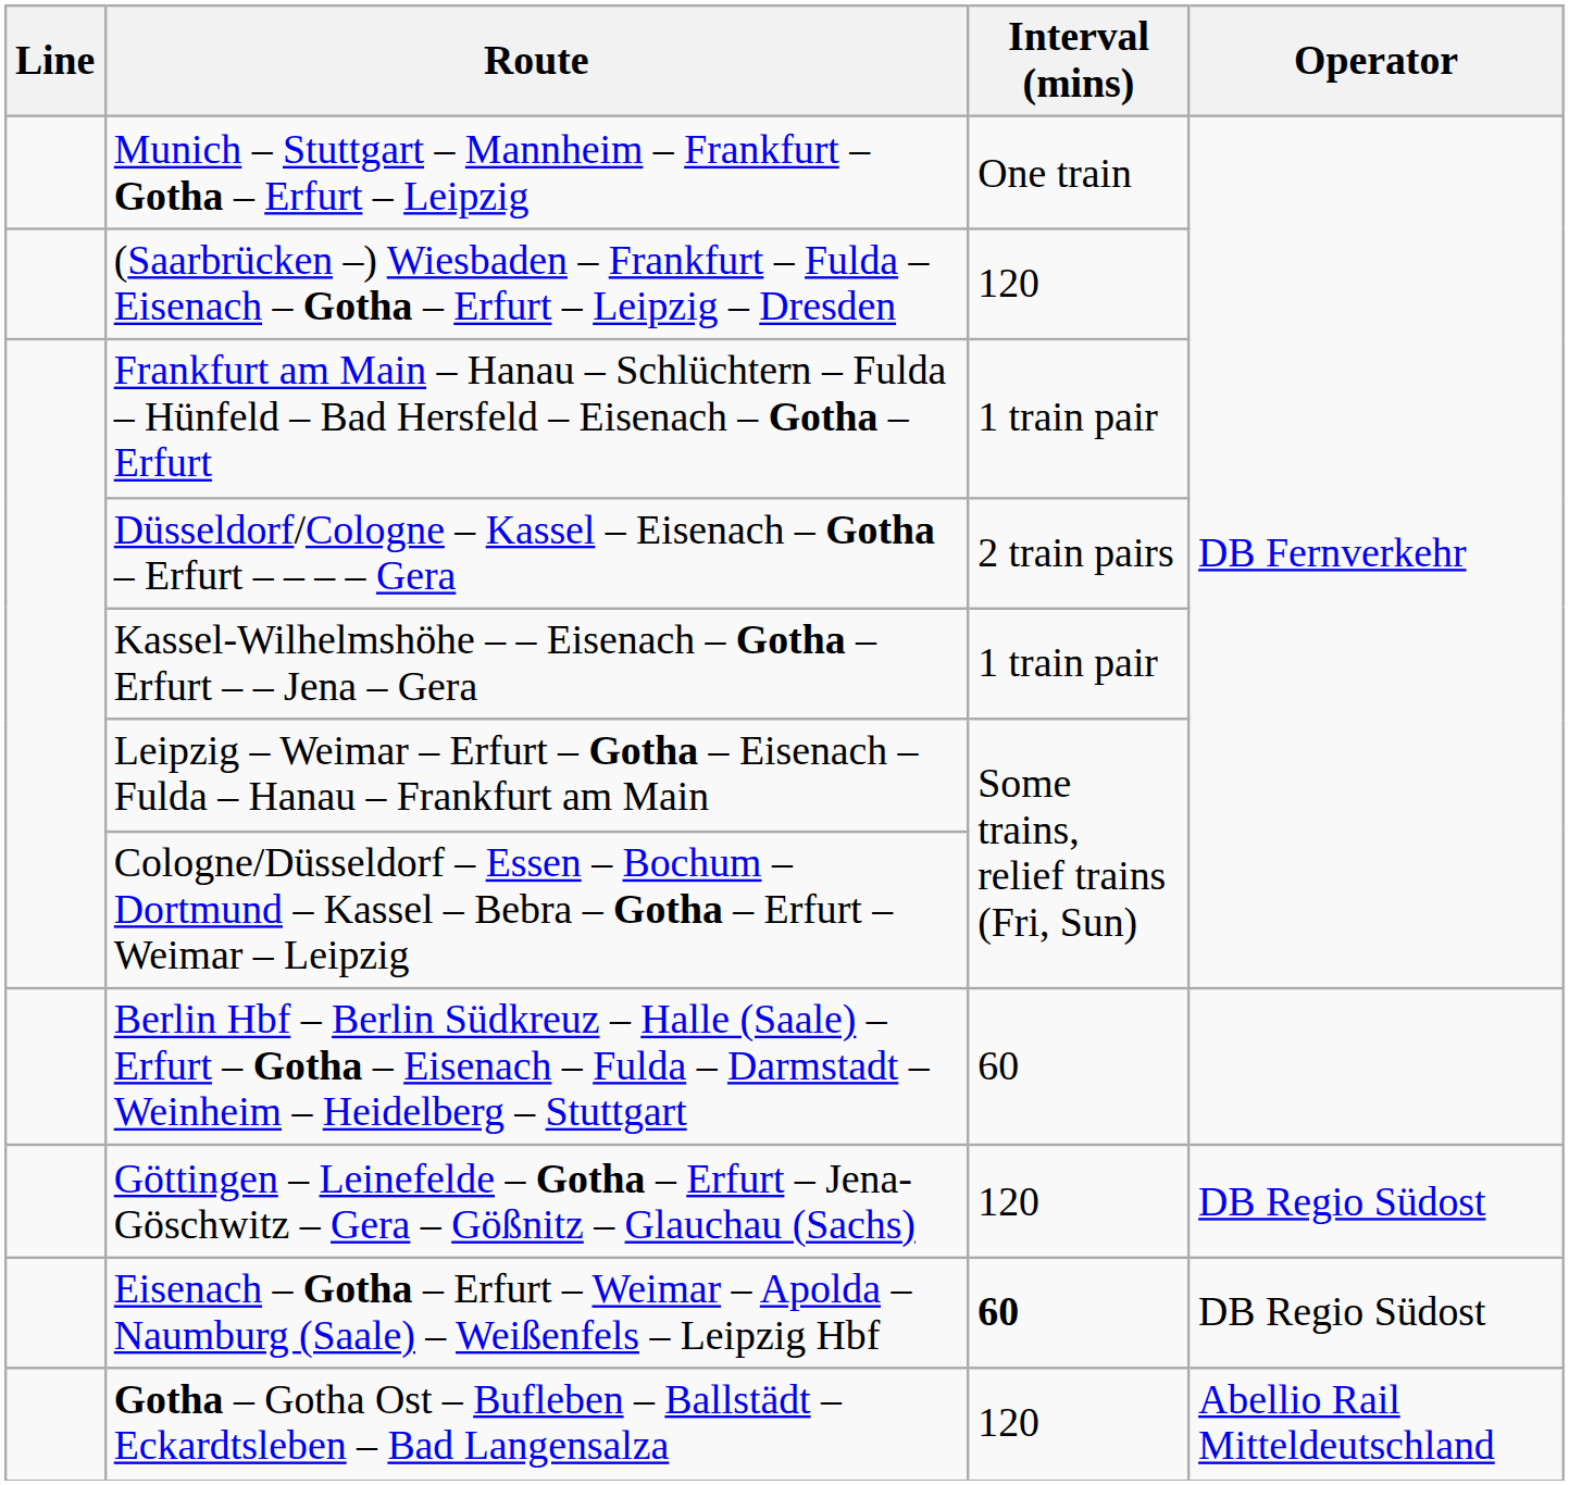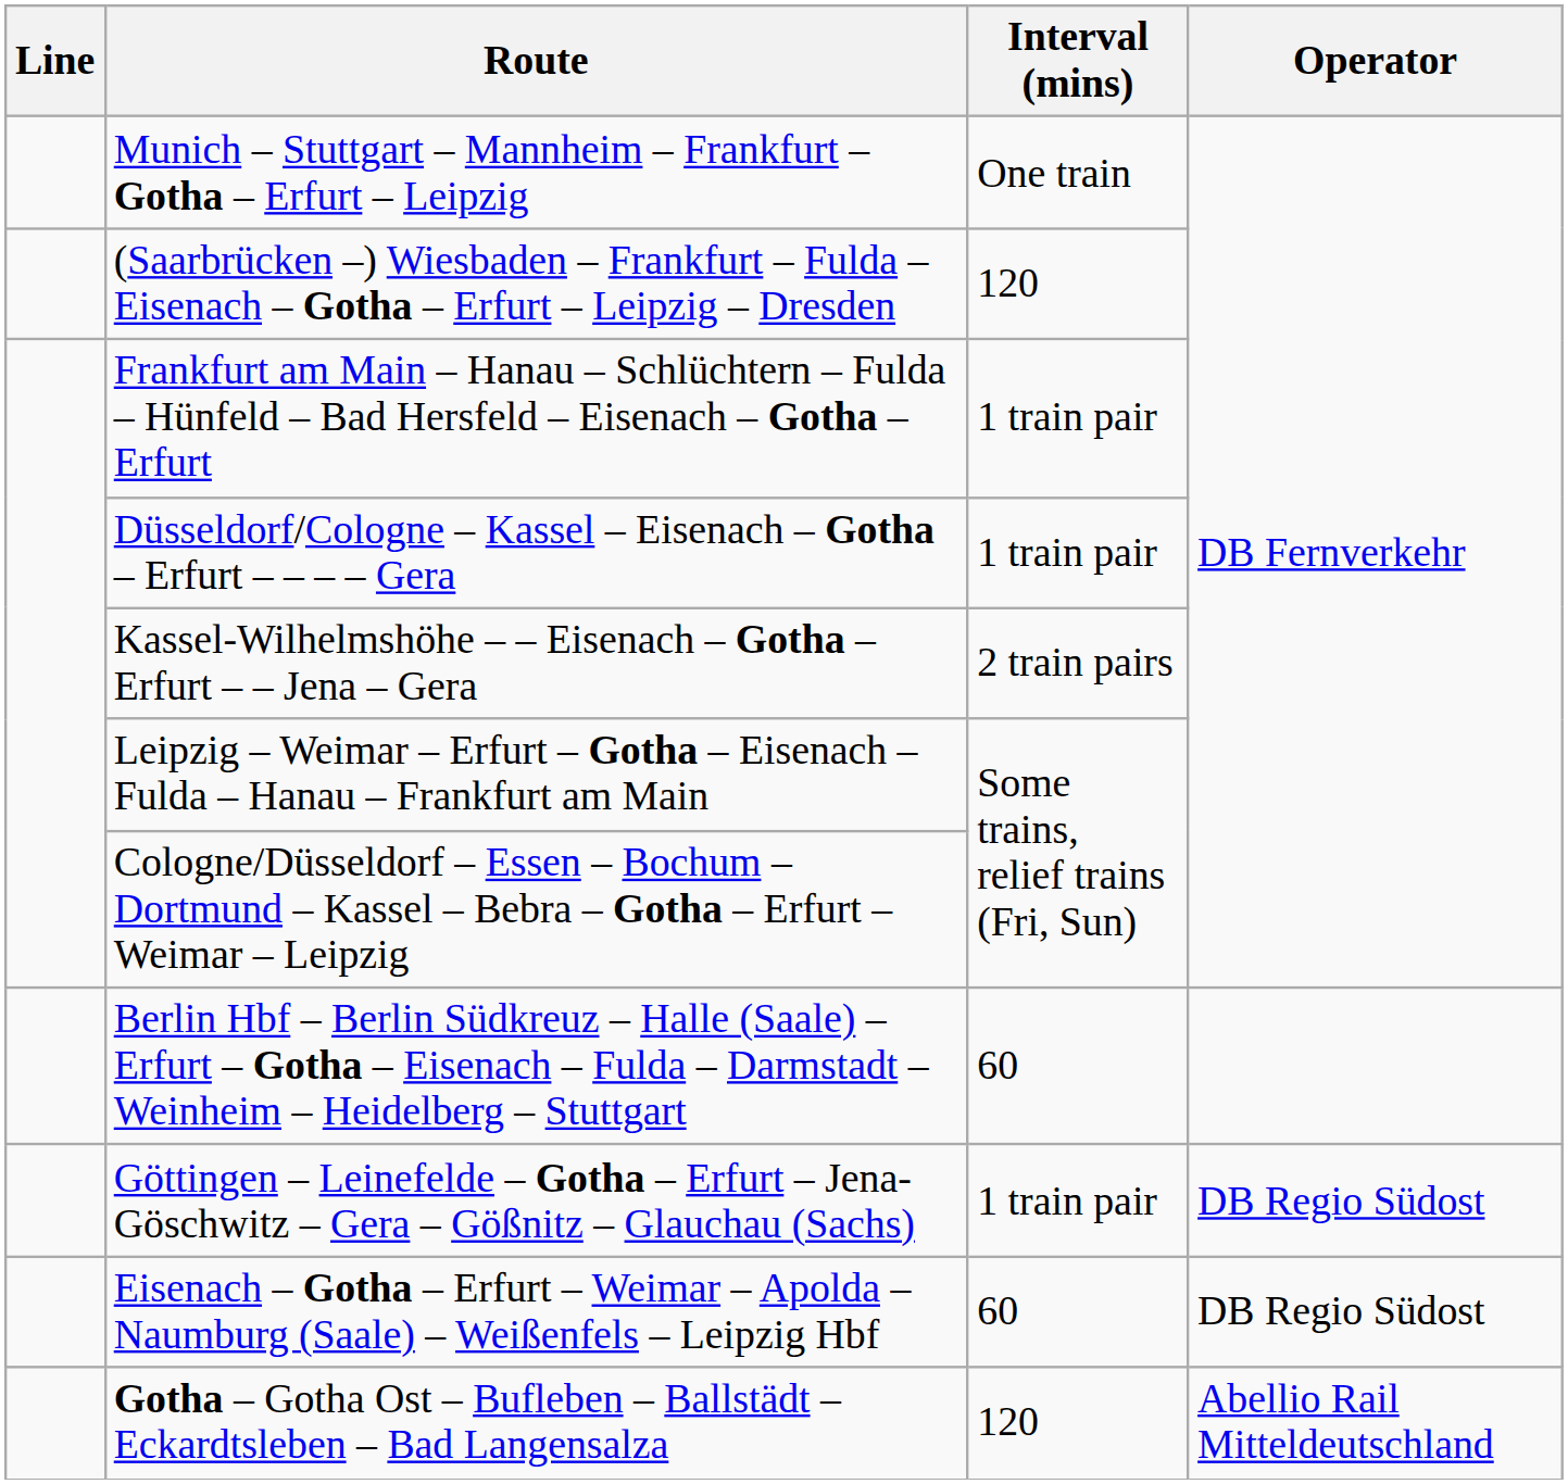 <table class="wikitable">
 <tr>
 <th>Line</th>
 <th>Route</th>
 <th>Interval (mins)</th>
 <th>Operator</th>
 </tr>
 <tr>
 <td></td>
 <td><a href='#'>Munich</a> – <a href='#'>Stuttgart</a> – <a href='#'>Mannheim</a> – <a href='#'>Frankfurt</a> – <strong>Gotha</strong> – <a href='#'>Erfurt</a> – <a href='#'>Leipzig</a></td>
 <td>One train</td>
 <td rowspan="7"><a href='#'>DB Fernverkehr</a></td>
 </tr>
 <tr>
 <td></td>
 <td>(<a href='#'>Saarbrücken</a> –) <a href='#'>Wiesbaden</a> – <a href='#'>Frankfurt</a> – <a href='#'>Fulda</a> – <a href='#'>Eisenach</a> – <strong>Gotha</strong> – <a href='#'>Erfurt</a> – <a href='#'>Leipzig</a> – <a href='#'>Dresden</a></td>
 <td>120</td>
 </tr>
 <tr>
 <td rowspan="5" align="center"></td>
 <td><a href='#'>Frankfurt am Main</a> – Hanau – Schlüchtern – Fulda – Hünfeld – Bad Hersfeld – Eisenach – <strong>Gotha</strong> – <a href='#'>Erfurt</a></td>
 <td>1 train pair</td>
 </tr>
 <tr>
 <td><a href='#'>Düsseldorf</a>/<a href='#'>Cologne</a> – <a href='#'>Kassel</a> – Eisenach – <strong>Gotha</strong> –  Erfurt –  –  –  – <a href='#'>Gera</a></td>
-<td>2 train pairs</td>
+<td>1 train pair</td>
 </tr>
 <tr>
 <td>Kassel-Wilhelmshöhe –  – Eisenach – <strong>Gotha</strong> – Erfurt –  – Jena – Gera</td>
-<td>1 train pair</td>
+<td>2 train pairs</td>
 </tr>
 <tr>
 <td>Leipzig – Weimar – Erfurt – <strong>Gotha</strong> – Eisenach – Fulda – Hanau – Frankfurt am Main</td>
 <td rowspan="2">Some trains, <br>relief trains (Fri, Sun)</td>
 </tr>
 <tr>
 <td>Cologne/Düsseldorf – <a href='#'>Essen</a> – <a href='#'>Bochum</a> – <a href='#'>Dortmund</a> – Kassel – Bebra – <strong>Gotha</strong> – Erfurt – Weimar – Leipzig</td>
 </tr>
 <tr>
 <td></td>
 <td><a href='#'>Berlin Hbf</a> – <a href='#'>Berlin Südkreuz</a> – <a href='#'>Halle (Saale)</a> – <a href='#'>Erfurt</a> – <strong>Gotha</strong> – <a href='#'>Eisenach</a> – <a href='#'>Fulda</a> –  <a href='#'>Darmstadt</a> – <a href='#'>Weinheim</a> – <a href='#'>Heidelberg</a> – <a href='#'>Stuttgart</a></td>
 <td>60</td>
 </tr>
 <tr>
 <td style="text-align:center;"></td>
 <td><a href='#'>Göttingen</a> – <a href='#'>Leinefelde</a> – <strong>Gotha</strong> – <a href='#'>Erfurt</a> – Jena-Göschwitz – <a href='#'>Gera</a> – <a href='#'>Gößnitz</a> – <a href='#'>Glauchau (Sachs)</a></td>
-<td>120</td>
+<td>1 train pair</td>
 <td><a href='#'>DB Regio Südost</a></td>
 </tr>
 <tr>
 <td style="text-align:center;"></td>
 <td><a href='#'>Eisenach</a> – <strong>Gotha</strong> – Erfurt – <a href='#'>Weimar</a> – <a href='#'>Apolda</a> – <a href='#'>Naumburg (Saale)</a> – <a href='#'>Weißenfels</a> – Leipzig Hbf</td>
-<td><strong>60</strong></td>
+<td>60</td>
 <td>DB Regio Südost</td>
 </tr>
 <tr>
 <td style="text-align:center;"></td>
 <td><strong>Gotha</strong> – Gotha Ost – <a href='#'>Bufleben</a> – <a href='#'>Ballstädt</a> – <a href='#'>Eckardtsleben</a> – <a href='#'>Bad Langensalza</a></td>
 <td>120</td>
 <td><a href='#'>Abellio Rail Mitteldeutschland</a></td>
 </tr>
 </table>
